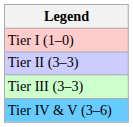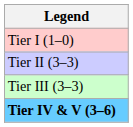 <table class=wikitable style=font-size:90% width=10%>
 <tr>
 <th>Legend</th>
 </tr>
 <tr>
 <td bgcolor=#ffcccc>Tier I (1–0)</td>
 </tr>
 <tr>
 <td bgcolor=#ccccff>Tier II (3–3)</td>
 </tr>
 <tr>
 <td bgcolor=#CCFFCC>Tier III (3–3)</td>
 </tr>
 <tr>
-<td bgcolor=#66CCFF>Tier IV & V (3–6)</td>
+<td bgcolor=#66CCFF><strong>Tier IV & V (3–6)</strong></td>
 </tr>
 </table>
